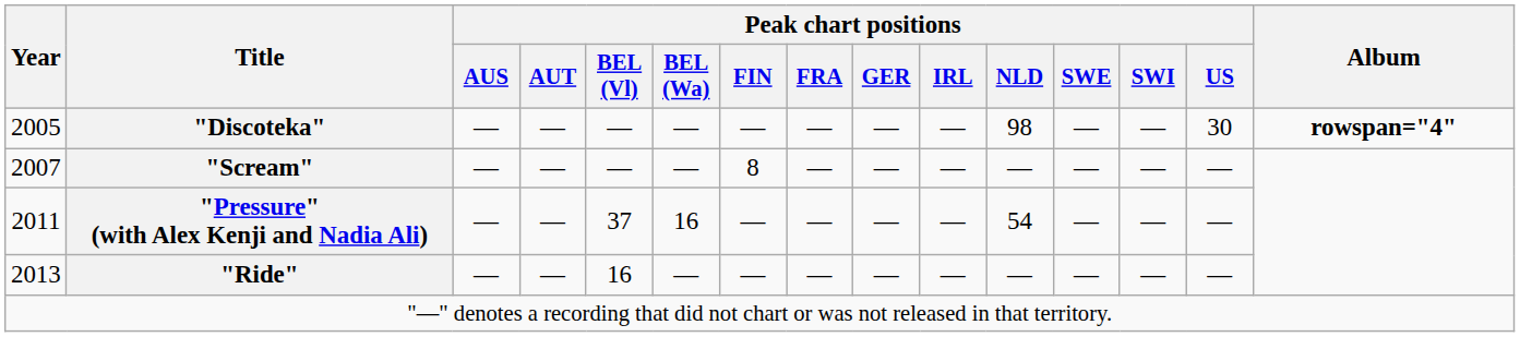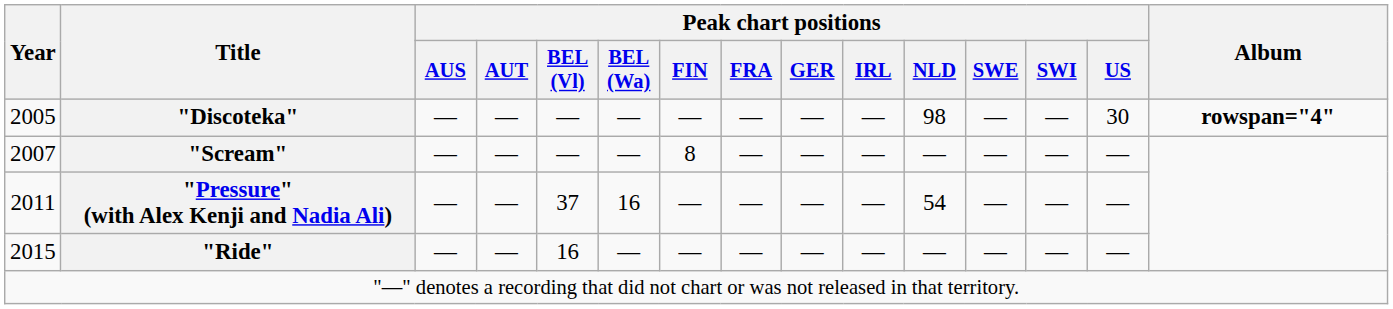 <table class="wikitable plainrowheaders" style="text-align:center;">
 <tr>
 <th scope="col" rowspan="2" style="width:1em;">Year</th>
 <th scope="col" rowspan="2" style="width:15em;">Title</th>
 <th scope="col" colspan="12">Peak chart positions</th>
 <th scope="col" rowspan="2" style="width:10em;">Album</th>
 </tr>
 <tr>
 <th scope="col" style="width:2.5em;font-size:90%;"><a href='#'>AUS</a><br></th>
 <th scope="col" style="width:2.5em;font-size:90%;"><a href='#'>AUT</a><br></th>
 <th scope="col" style="width:2.5em;font-size:90%;"><a href='#'>BEL (Vl)</a><br></th>
 <th scope="col" style="width:2.5em;font-size:90%;"><a href='#'>BEL (Wa)</a><br></th>
 <th scope="col" style="width:2.5em;font-size:90%;"><a href='#'>FIN</a><br></th>
 <th scope="col" style="width:2.5em;font-size:90%;"><a href='#'>FRA</a><br></th>
 <th scope="col" style="width:2.5em;font-size:90%;"><a href='#'>GER</a><br></th>
 <th scope="col" style="width:2.5em;font-size:90%;"><a href='#'>IRL</a><br></th>
 <th scope="col" style="width:2.5em;font-size:90%;"><a href='#'>NLD</a><br></th>
 <th scope="col" style="width:2.5em;font-size:90%;"><a href='#'>SWE</a><br></th>
 <th scope="col" style="width:2.5em;font-size:90%;"><a href='#'>SWI</a><br></th>
 <th scope="col" style="width:2.5em;font-size:90%;"><a href='#'>US</a><br></th>
 </tr>
 <tr>
 <td rowspan="1">2005</td>
 <th scope="row">"Discoteka"</th>
 <td>—</td>
 <td>—</td>
 <td>—</td>
 <td>—</td>
 <td>—</td>
 <td>—</td>
 <td>—</td>
 <td>—</td>
 <td>98</td>
 <td>—</td>
 <td>—</td>
 <td>30</td>
 <td><strong>rowspan="4" </strong></td>
 </tr>
 <tr>
 <td rowspan="1">2007</td>
 <th scope="row">"Scream"</th>
 <td>—</td>
 <td>—</td>
 <td>—</td>
 <td>—</td>
 <td>8</td>
 <td>—</td>
 <td>—</td>
 <td>—</td>
 <td>—</td>
 <td>—</td>
 <td>—</td>
 <td>—</td>
 </tr>
 <tr>
 <td rowspan="1">2011</td>
 <th scope="row">"<a href='#'>Pressure</a>" <br><span>(with Alex Kenji and <a href='#'>Nadia Ali</a>)</span></th>
 <td>—</td>
 <td>—</td>
 <td>37</td>
 <td>16</td>
 <td>—</td>
 <td>—</td>
 <td>—</td>
 <td>—</td>
 <td>54</td>
 <td>—</td>
 <td>—</td>
 <td>—</td>
 </tr>
 <tr>
-<td rowspan="1">2013</td>
+<td rowspan="1">2015</td>
 <th scope="row">"Ride"</th>
 <td>—</td>
 <td>—</td>
 <td>16</td>
 <td>—</td>
 <td>—</td>
 <td>—</td>
 <td>—</td>
 <td>—</td>
 <td>—</td>
 <td>—</td>
 <td>—</td>
 <td>—</td>
 </tr>
 <tr>
 <td colspan="16" style="font-size:90%">"—" denotes a recording that did not chart or was not released in that territory.</td>
 </tr>
 </table>
